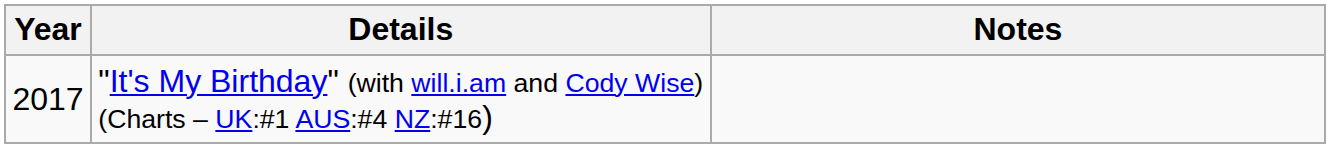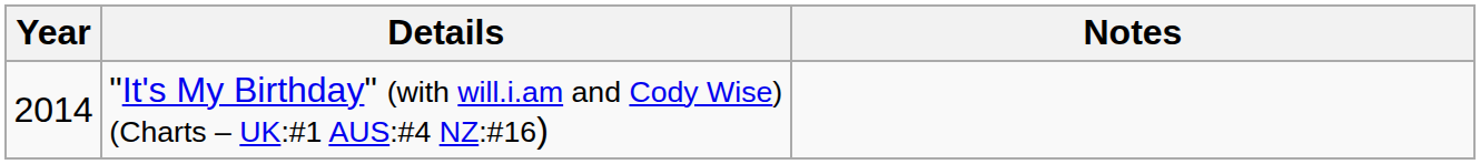 <table class="wikitable">
 <tr>
 <th>Year</th>
 <th>Details</th>
 <th class="unsortable" style="width: 300px;">Notes</th>
 </tr>
 <tr>
-<td>2017</td>
+<td>2014</td>
 <td style="text-align:left;">"<a href='#'>It's My Birthday</a>" <small>(with <a href='#'>will.i.am</a> and <a href='#'>Cody Wise</a>)<br>(Charts – <a href='#'>UK</a>:#1 <a href='#'>AUS</a>:#4 <a href='#'>NZ</a>:#16</small>)</td>
 <td></td>
 </tr>
 </table>
